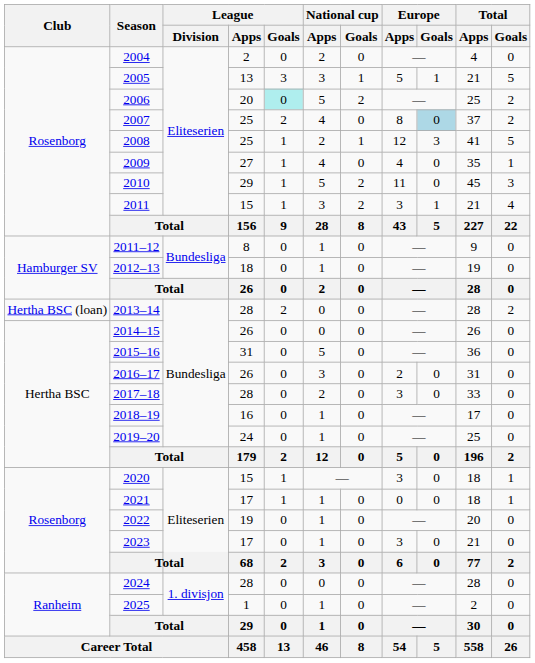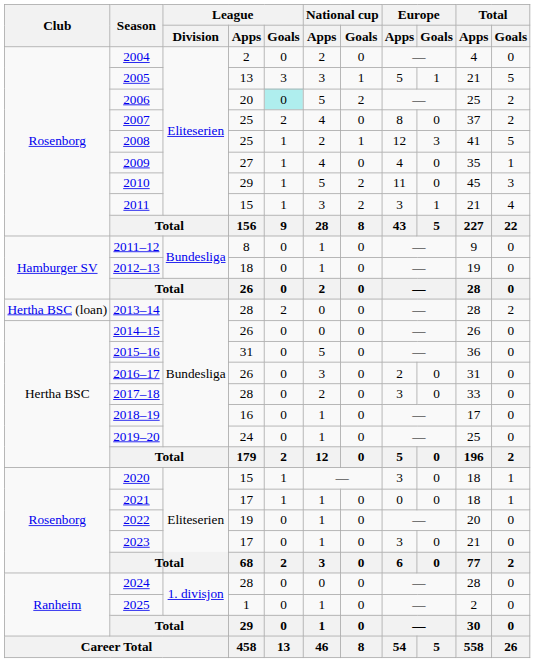 <table class="wikitable" style="text-align:center">
 <tr>
 <th rowspan=2>Club</th>
 <th rowspan=2>Season</th>
 <th colspan=3>League</th>
 <th colspan=2>National cup</th>
 <th colspan=2>Europe</th>
 <th colspan=2>Total</th>
 </tr>
 <tr>
 <th>Division</th>
 <th>Apps</th>
 <th>Goals</th>
 <th>Apps</th>
 <th>Goals</th>
 <th>Apps</th>
 <th>Goals</th>
 <th>Apps</th>
 <th>Goals</th>
 </tr>
 <tr>
 <td rowspan=9><a href='#'>Rosenborg</a></td>
 <td><a href='#'>2004</a></td>
 <td rowspan=8><a href='#'>Eliteserien</a></td>
 <td>2</td>
 <td>0</td>
 <td>2</td>
 <td>0</td>
 <td colspan=2>—</td>
 <td>4</td>
 <td>0</td>
 </tr>
 <tr>
 <td><a href='#'>2005</a></td>
 <td>13</td>
 <td>3</td>
 <td>3</td>
 <td>1</td>
 <td>5</td>
 <td>1</td>
 <td>21</td>
 <td>5</td>
 </tr>
 <tr>
 <td><a href='#'>2006</a></td>
 <td>20</td>
 <td style="background: paleturquoise;">0</td>
 <td>5</td>
 <td>2</td>
 <td colspan=2>—</td>
 <td>25</td>
 <td>2</td>
 </tr>
 <tr>
 <td><a href='#'>2007</a></td>
 <td>25</td>
 <td>2</td>
 <td>4</td>
 <td>0</td>
 <td>8</td>
-<td style="background: lightblue;">0</td>
+<td>0</td>
 <td>37</td>
 <td>2</td>
 </tr>
 <tr>
 <td><a href='#'>2008</a></td>
 <td>25</td>
 <td>1</td>
 <td>2</td>
 <td>1</td>
 <td>12</td>
 <td>3</td>
 <td>41</td>
 <td>5</td>
 </tr>
 <tr>
 <td><a href='#'>2009</a></td>
 <td>27</td>
 <td>1</td>
 <td>4</td>
 <td>0</td>
 <td>4</td>
 <td>0</td>
 <td>35</td>
 <td>1</td>
 </tr>
 <tr>
 <td><a href='#'>2010</a></td>
 <td>29</td>
 <td>1</td>
 <td>5</td>
 <td>2</td>
 <td>11</td>
 <td>0</td>
 <td>45</td>
 <td>3</td>
 </tr>
 <tr>
 <td><a href='#'>2011</a></td>
 <td>15</td>
 <td>1</td>
 <td>3</td>
 <td>2</td>
 <td>3</td>
 <td>1</td>
 <td>21</td>
 <td>4</td>
 </tr>
 <tr>
 <th colspan=2>Total</th>
 <th>156</th>
 <th>9</th>
 <th>28</th>
 <th>8</th>
 <th>43</th>
 <th>5</th>
 <th>227</th>
 <th>22</th>
 </tr>
 <tr>
 <td rowspan=3><a href='#'>Hamburger SV</a></td>
 <td><a href='#'>2011–12</a></td>
 <td rowspan=2><a href='#'>Bundesliga</a></td>
 <td>8</td>
 <td>0</td>
 <td>1</td>
 <td>0</td>
 <td colspan=2>—</td>
 <td>9</td>
 <td>0</td>
 </tr>
 <tr>
 <td><a href='#'>2012–13</a></td>
 <td>18</td>
 <td>0</td>
 <td>1</td>
 <td>0</td>
 <td colspan=2>—</td>
 <td>19</td>
 <td>0</td>
 </tr>
 <tr>
 <th colspan=2>Total</th>
 <th>26</th>
 <th>0</th>
 <th>2</th>
 <th>0</th>
 <th colspan=2>—</th>
 <th>28</th>
 <th>0</th>
 </tr>
 <tr>
 <td><a href='#'>Hertha BSC</a> (loan)</td>
 <td><a href='#'>2013–14</a></td>
 <td rowspan=7>Bundesliga</td>
 <td>28</td>
 <td>2</td>
 <td>0</td>
 <td>0</td>
 <td colspan=2>—</td>
 <td>28</td>
 <td>2</td>
 </tr>
 <tr>
 <td rowspan=7>Hertha BSC</td>
 <td><a href='#'>2014–15</a></td>
 <td>26</td>
 <td>0</td>
 <td>0</td>
 <td>0</td>
 <td colspan=2>—</td>
 <td>26</td>
 <td>0</td>
 </tr>
 <tr>
 <td><a href='#'>2015–16</a></td>
 <td>31</td>
 <td>0</td>
 <td>5</td>
 <td>0</td>
 <td colspan=2>—</td>
 <td>36</td>
 <td>0</td>
 </tr>
 <tr>
 <td><a href='#'>2016–17</a></td>
 <td>26</td>
 <td>0</td>
 <td>3</td>
 <td>0</td>
 <td>2</td>
 <td>0</td>
 <td>31</td>
 <td>0</td>
 </tr>
 <tr>
 <td><a href='#'>2017–18</a></td>
 <td>28</td>
 <td>0</td>
 <td>2</td>
 <td>0</td>
 <td>3</td>
 <td>0</td>
 <td>33</td>
 <td>0</td>
 </tr>
 <tr>
 <td><a href='#'>2018–19</a></td>
 <td>16</td>
 <td>0</td>
 <td>1</td>
 <td>0</td>
 <td colspan=2>—</td>
 <td>17</td>
 <td>0</td>
 </tr>
 <tr>
 <td><a href='#'>2019–20</a></td>
 <td>24</td>
 <td>0</td>
 <td>1</td>
 <td>0</td>
 <td colspan=2>—</td>
 <td>25</td>
 <td>0</td>
 </tr>
 <tr>
 <th colspan=2>Total</th>
 <th>179</th>
 <th>2</th>
 <th>12</th>
 <th>0</th>
 <th>5</th>
 <th>0</th>
 <th>196</th>
 <th>2</th>
 </tr>
 <tr>
 <td rowspan=5><a href='#'>Rosenborg</a></td>
 <td><a href='#'>2020</a></td>
 <td rowspan=5>Eliteserien</td>
 <td>15</td>
 <td>1</td>
 <td colspan=2>—</td>
 <td>3</td>
 <td>0</td>
 <td>18</td>
 <td>1</td>
 </tr>
 <tr>
 <td><a href='#'>2021</a></td>
 <td>17</td>
 <td>1</td>
 <td>1</td>
 <td>0</td>
 <td>0</td>
 <td>0</td>
 <td>18</td>
 <td>1</td>
 </tr>
 <tr>
 <td><a href='#'>2022</a></td>
 <td>19</td>
 <td>0</td>
 <td>1</td>
 <td>0</td>
 <td colspan=2>—</td>
 <td>20</td>
 <td>0</td>
 </tr>
 <tr>
 <td><a href='#'>2023</a></td>
 <td>17</td>
 <td>0</td>
 <td>1</td>
 <td>0</td>
 <td>3</td>
 <td>0</td>
 <td>21</td>
 <td>0</td>
 </tr>
 <tr>
 <th colspan=2>Total</th>
 <th>68</th>
 <th>2</th>
 <th>3</th>
 <th>0</th>
 <th>6</th>
 <th>0</th>
 <th>77</th>
 <th>2</th>
 </tr>
 <tr>
 <td rowspan=3><a href='#'>Ranheim</a></td>
 <td><a href='#'>2024</a></td>
 <td rowspan=2><a href='#'>1. divisjon</a></td>
 <td>28</td>
 <td>0</td>
 <td>0</td>
 <td>0</td>
 <td colspan=2>—</td>
 <td>28</td>
 <td>0</td>
 </tr>
 <tr>
 <td><a href='#'>2025</a></td>
 <td>1</td>
 <td>0</td>
 <td>1</td>
 <td>0</td>
 <td colspan=2>—</td>
 <td>2</td>
 <td>0</td>
 </tr>
 <tr>
 <th colspan=2>Total</th>
 <th>29</th>
 <th>0</th>
 <th>1</th>
 <th>0</th>
 <th colspan=2>—</th>
 <th>30</th>
 <th>0</th>
 </tr>
 <tr>
 <th colspan=3>Career Total</th>
 <th>458</th>
 <th>13</th>
 <th>46</th>
 <th>8</th>
 <th>54</th>
 <th>5</th>
 <th>558</th>
 <th>26</th>
 </tr>
 </table>
